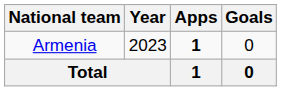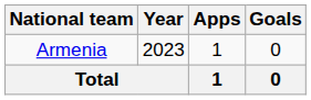 <table class="wikitable" style="text-align:center">
 <tr>
 <th>National team</th>
 <th>Year</th>
 <th>Apps</th>
 <th>Goals</th>
 </tr>
 <tr>
 <td rowspan="1"><a href='#'>Armenia</a></td>
 <td>2023</td>
-<td><strong>1</strong></td>
+<td>1</td>
 <td>0</td>
 </tr>
 <tr>
 <th colspan="2">Total</th>
 <th>1</th>
 <th>0</th>
 </tr>
 </table>
